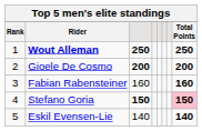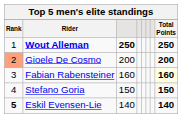 <table class="wikitable sortable">
 <tr>
 <th colspan=8 align="center"><strong>Top 5 men's elite standings</strong></th>
 </tr>
 <tr>
 </tr>
 <tr style="font-size:8pt;font-weight:bold">
 <th align="center">Rank</th>
 <th align="center">Rider</th>
 <th class=unsortable style="background:#E5E4E2;"><small></small></th>
 <th class=unsortable style="background:#E5E4E2;"><small></small></th>
 <th class=unsortable style="background:#E5E4E2;"><small></small></th>
 <th class=unsortable style="background:#E5E4E2;"><small></small></th>
 <th class=unsortable style="background:#E5E4E2;"><small></small></th>
 <th align="center">Total<br>Points</th>
 </tr>
 <tr>
 <td align=center>1</td>
 <td> <strong><a href='#'>Wout Alleman</a></strong></td>
 <td align=center><strong>250</strong></td>
 <td align=center></td>
 <td align=center></td>
 <td align=center></td>
 <td align=center></td>
 <td align=center><strong>250</strong></td>
 </tr>
 <tr>
-<td align=center>2</td>
+<td align=center style="background: lightsalmon;">2</td>
 <td> <a href='#'>Gioele De Cosmo</a></td>
-<td align=center><strong>200</strong></td>
+<td align=center>200</td>
 <td align=center></td>
 <td align=center></td>
 <td align=center></td>
 <td align=center></td>
 <td align=center><strong>200</strong></td>
 </tr>
 <tr>
 <td align=center>3</td>
 <td> <a href='#'>Fabian Rabensteiner</a></td>
 <td align=center>160</td>
 <td align=center></td>
 <td align=center></td>
 <td align=center></td>
 <td align=center></td>
-<td align=center><strong>160</strong></td>
+<td align=center style="background: lightyellow;"><strong>160</strong></td>
 </tr>
 <tr>
 <td align=center>4</td>
 <td> <a href='#'>Stefano Goria</a></td>
-<td align=center><strong>150</strong></td>
+<td align=center>150</td>
 <td align=center></td>
 <td align=center></td>
 <td align=center></td>
 <td align=center></td>
-<td align=center style="background: pink;"><strong>150</strong></td>
+<td align=center><strong>150</strong></td>
 </tr>
 <tr>
-<td align=center>5</td>
+<td align=center><strong>5</strong></td>
 <td> <a href='#'>Eskil Evensen-Lie</a></td>
 <td align=center>140</td>
 <td align=center></td>
 <td align=center></td>
 <td align=center></td>
 <td align=center></td>
 <td align=center><strong>140</strong></td>
 </tr>
 </table>
